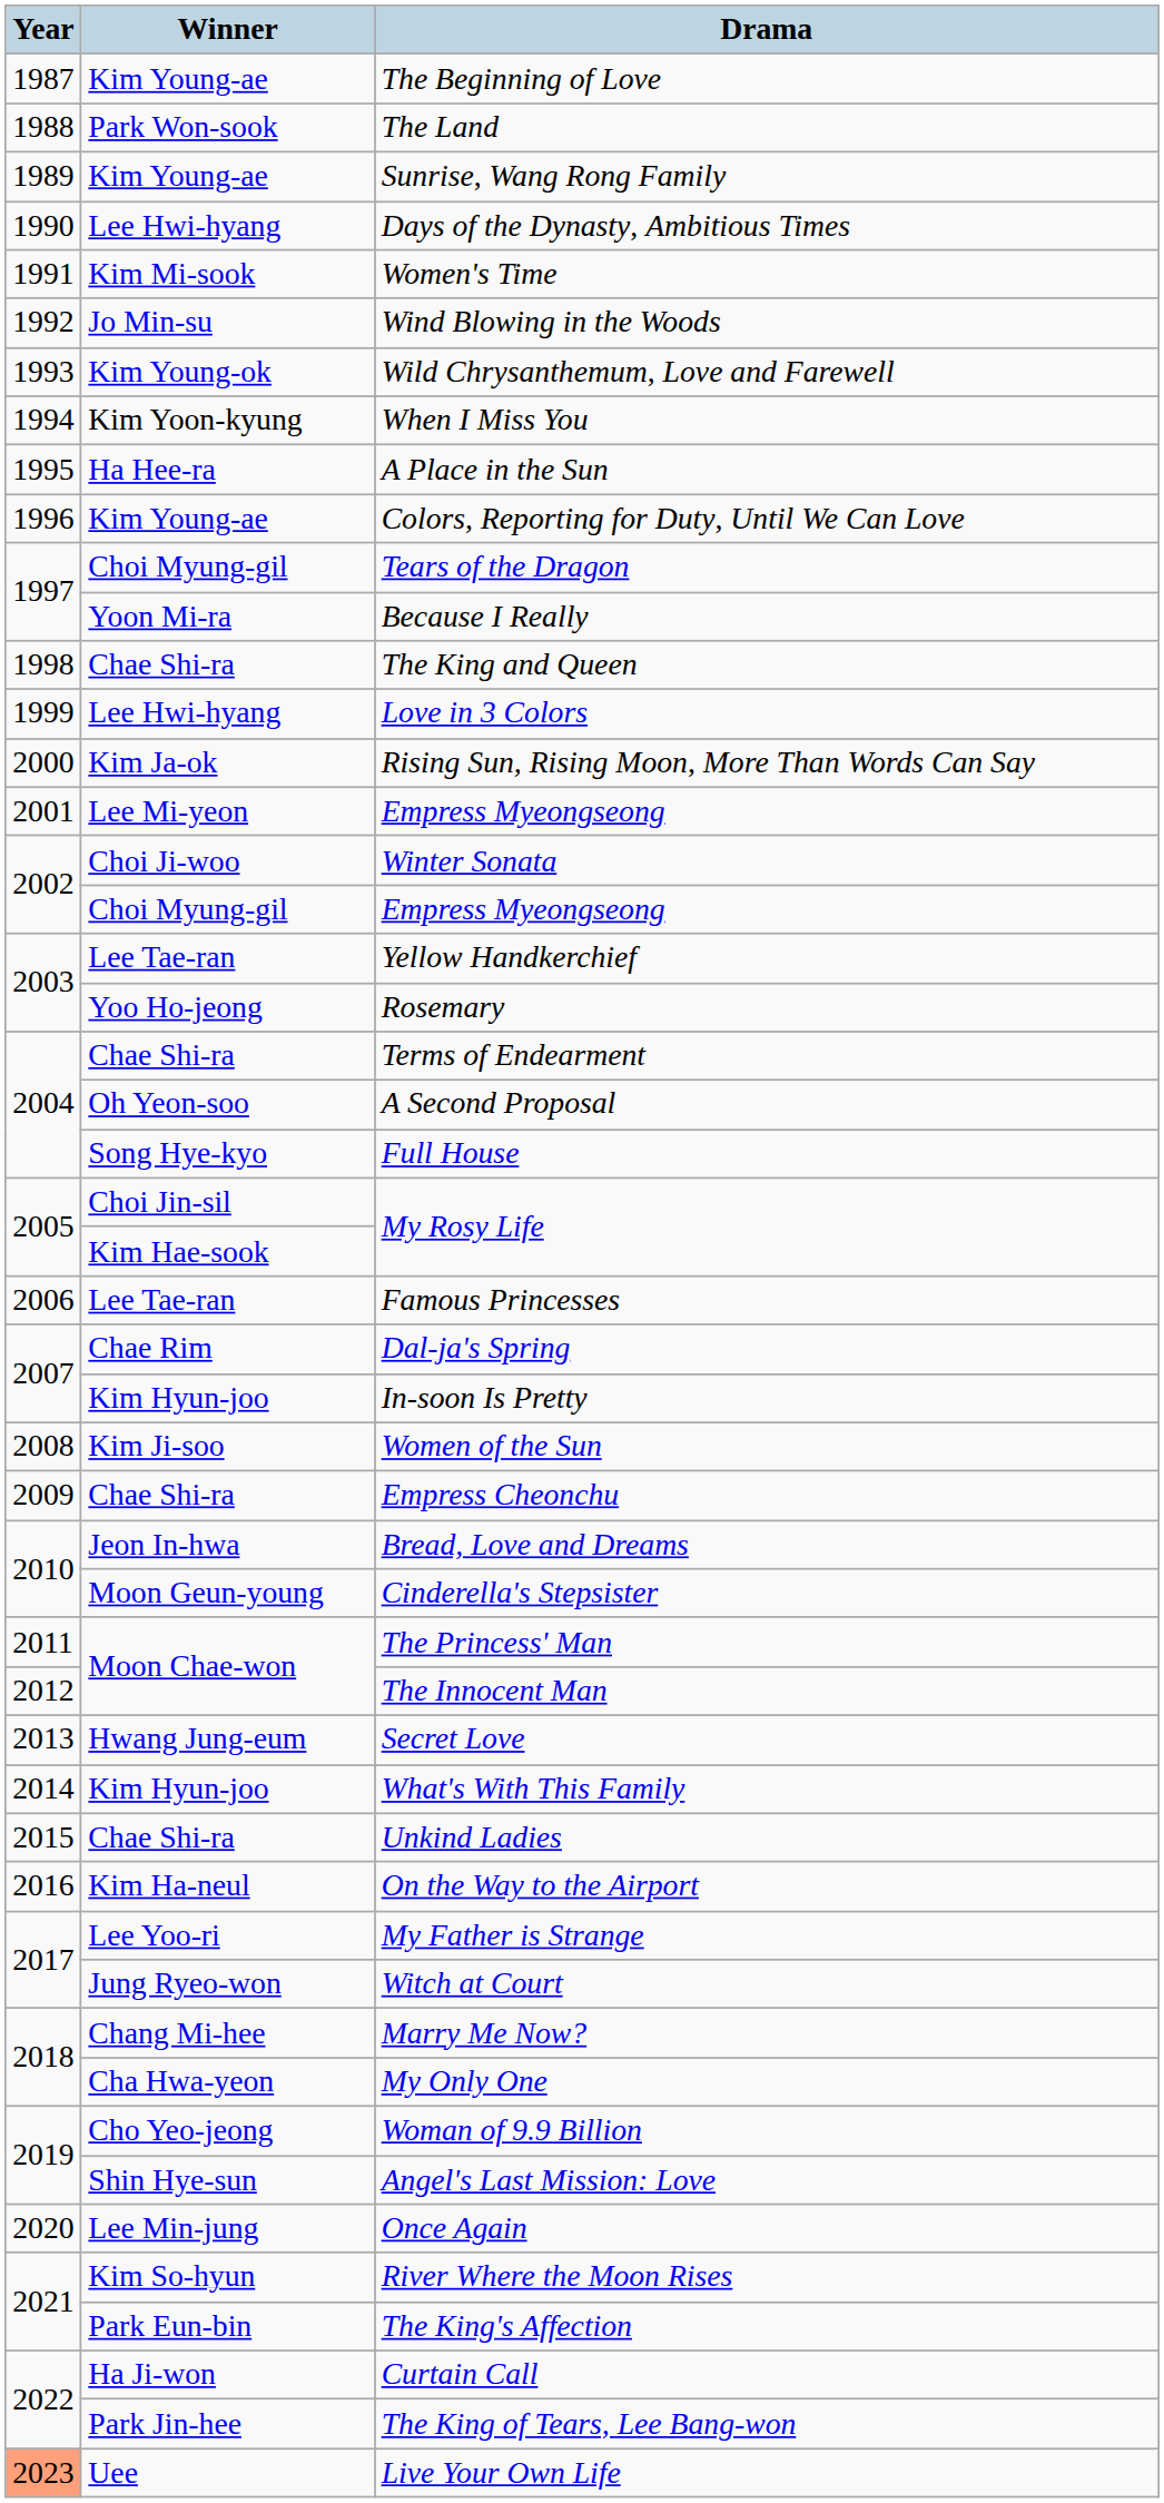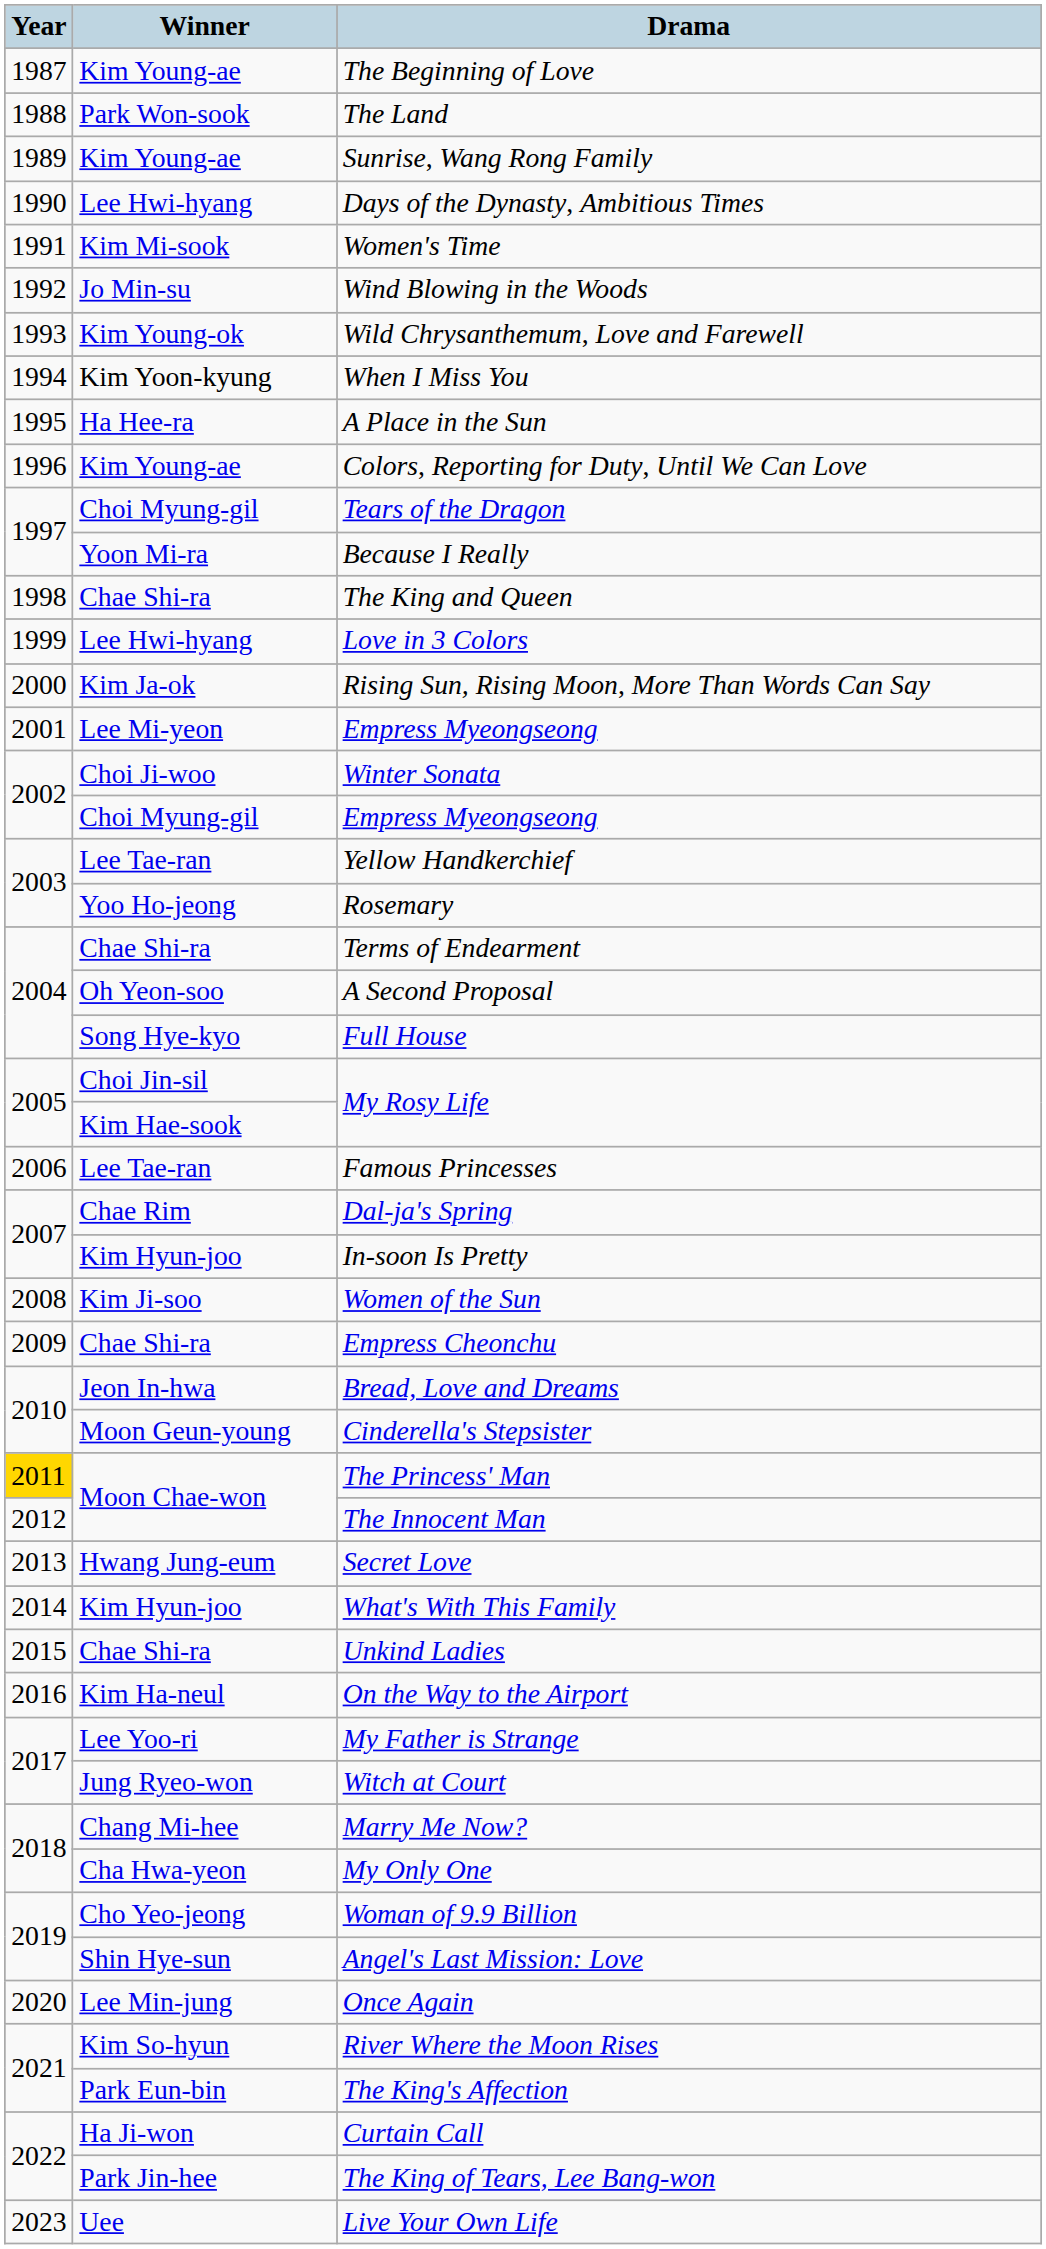 <table class="wikitable" style="width:600px">
 <tr>
 <th style="background:#BED5E1;" width="30">Year</th>
 <th style="background:#BED5E1;">Winner</th>
 <th style="background:#BED5E1;">Drama</th>
 </tr>
 <tr>
 <td>1987</td>
 <td><a href='#'>Kim Young-ae</a></td>
 <td><em>The Beginning of Love</em></td>
 </tr>
 <tr>
 <td>1988</td>
 <td><a href='#'>Park Won-sook</a></td>
 <td><em>The Land</em></td>
 </tr>
 <tr>
 <td>1989</td>
 <td><a href='#'>Kim Young-ae</a></td>
 <td><em>Sunrise</em>, <em>Wang Rong Family</em></td>
 </tr>
 <tr>
 <td>1990</td>
 <td><a href='#'>Lee Hwi-hyang</a></td>
 <td><em>Days of the Dynasty</em>, <em>Ambitious Times</em></td>
 </tr>
 <tr>
 <td>1991</td>
 <td><a href='#'>Kim Mi-sook</a></td>
 <td><em>Women's Time</em></td>
 </tr>
 <tr>
 <td>1992</td>
 <td><a href='#'>Jo Min-su</a></td>
 <td><em>Wind Blowing in the Woods</em></td>
 </tr>
 <tr>
 <td>1993</td>
 <td><a href='#'>Kim Young-ok</a></td>
 <td><em>Wild Chrysanthemum</em>, <em>Love and Farewell</em></td>
 </tr>
 <tr>
 <td>1994</td>
 <td>Kim Yoon-kyung</td>
 <td><em>When I Miss You</em></td>
 </tr>
 <tr>
 <td>1995</td>
 <td><a href='#'>Ha Hee-ra</a></td>
 <td><em>A Place in the Sun</em></td>
 </tr>
 <tr>
 <td>1996</td>
 <td><a href='#'>Kim Young-ae</a></td>
 <td><em>Colors</em>, <em>Reporting for Duty</em>, <em>Until We Can Love</em></td>
 </tr>
 <tr>
 <td rowspan="2">1997</td>
 <td><a href='#'>Choi Myung-gil</a></td>
 <td><em><a href='#'>Tears of the Dragon</a></em></td>
 </tr>
 <tr>
 <td><a href='#'>Yoon Mi-ra</a></td>
 <td><em>Because I Really</em></td>
 </tr>
 <tr>
 <td>1998</td>
 <td><a href='#'>Chae Shi-ra</a></td>
 <td><em>The King and Queen</em></td>
 </tr>
 <tr>
 <td>1999</td>
 <td><a href='#'>Lee Hwi-hyang</a></td>
 <td><em><a href='#'>Love in 3 Colors</a></em></td>
 </tr>
 <tr>
 <td>2000</td>
 <td><a href='#'>Kim Ja-ok</a></td>
 <td><em>Rising Sun, Rising Moon</em>, <em>More Than Words Can Say</em></td>
 </tr>
 <tr>
 <td>2001</td>
 <td><a href='#'>Lee Mi-yeon</a></td>
 <td><em><a href='#'>Empress Myeongseong</a></em></td>
 </tr>
 <tr>
 <td rowspan="2">2002</td>
 <td><a href='#'>Choi Ji-woo</a></td>
 <td><em><a href='#'>Winter Sonata</a></em></td>
 </tr>
 <tr>
 <td><a href='#'>Choi Myung-gil</a></td>
 <td><em><a href='#'>Empress Myeongseong</a></em></td>
 </tr>
 <tr>
 <td rowspan="2">2003</td>
 <td><a href='#'>Lee Tae-ran</a></td>
 <td><em>Yellow Handkerchief</em></td>
 </tr>
 <tr>
 <td><a href='#'>Yoo Ho-jeong</a></td>
 <td><em>Rosemary</em></td>
 </tr>
 <tr>
 <td rowspan="3">2004</td>
 <td><a href='#'>Chae Shi-ra</a></td>
 <td><em>Terms of Endearment</em></td>
 </tr>
 <tr>
 <td><a href='#'>Oh Yeon-soo</a></td>
 <td><em>A Second Proposal</em></td>
 </tr>
 <tr>
 <td><a href='#'>Song Hye-kyo</a></td>
 <td><em><a href='#'>Full House</a></em></td>
 </tr>
 <tr>
 <td rowspan="2">2005</td>
 <td><a href='#'>Choi Jin-sil</a></td>
 <td rowspan="2"><em><a href='#'>My Rosy Life</a></em></td>
 </tr>
 <tr>
 <td><a href='#'>Kim Hae-sook</a></td>
 </tr>
 <tr>
 <td>2006</td>
 <td><a href='#'>Lee Tae-ran</a></td>
 <td><em>Famous Princesses</em></td>
 </tr>
 <tr>
 <td rowspan="2">2007</td>
 <td><a href='#'>Chae Rim</a></td>
 <td><em><a href='#'>Dal-ja's Spring</a></em></td>
 </tr>
 <tr>
 <td><a href='#'>Kim Hyun-joo</a></td>
 <td><em>In-soon Is Pretty</em></td>
 </tr>
 <tr>
 <td>2008</td>
 <td><a href='#'>Kim Ji-soo</a></td>
 <td><em><a href='#'>Women of the Sun</a></em></td>
 </tr>
 <tr>
 <td>2009</td>
 <td><a href='#'>Chae Shi-ra</a></td>
 <td><em><a href='#'>Empress Cheonchu</a></em></td>
 </tr>
 <tr>
 <td rowspan="2">2010</td>
 <td><a href='#'>Jeon In-hwa</a></td>
 <td><em><a href='#'>Bread, Love and Dreams</a></em></td>
 </tr>
 <tr>
 <td><a href='#'>Moon Geun-young</a></td>
 <td><em><a href='#'>Cinderella's Stepsister</a></em></td>
 </tr>
 <tr>
-<td>2011</td>
+<td style="background: gold;">2011</td>
 <td rowspan="2"><a href='#'>Moon Chae-won</a></td>
 <td><em><a href='#'>The Princess' Man</a></em></td>
 </tr>
 <tr>
 <td>2012</td>
 <td><em><a href='#'>The Innocent Man</a></em></td>
 </tr>
 <tr>
 <td>2013</td>
 <td><a href='#'>Hwang Jung-eum</a></td>
 <td><em><a href='#'>Secret Love</a></em></td>
 </tr>
 <tr>
 <td>2014</td>
 <td><a href='#'>Kim Hyun-joo</a></td>
 <td><em><a href='#'>What's With This Family</a></em></td>
 </tr>
 <tr>
 <td>2015</td>
 <td><a href='#'>Chae Shi-ra</a></td>
 <td><em><a href='#'>Unkind Ladies</a></em></td>
 </tr>
 <tr>
 <td>2016</td>
 <td><a href='#'>Kim Ha-neul</a></td>
 <td><em><a href='#'>On the Way to the Airport</a></em></td>
 </tr>
 <tr>
 <td rowspan="2">2017</td>
 <td><a href='#'>Lee Yoo-ri</a></td>
 <td><em><a href='#'>My Father is Strange</a></em></td>
 </tr>
 <tr>
 <td><a href='#'>Jung Ryeo-won</a></td>
 <td><em><a href='#'>Witch at Court</a></em></td>
 </tr>
 <tr>
 <td rowspan="2">2018</td>
 <td><a href='#'>Chang Mi-hee</a></td>
 <td><em><a href='#'>Marry Me Now?</a></em></td>
 </tr>
 <tr>
 <td><a href='#'>Cha Hwa-yeon</a></td>
 <td><em><a href='#'>My Only One</a></em></td>
 </tr>
 <tr>
 <td rowspan="2">2019</td>
 <td><a href='#'>Cho Yeo-jeong</a></td>
 <td><em><a href='#'>Woman of 9.9 Billion</a></em></td>
 </tr>
 <tr>
 <td><a href='#'>Shin Hye-sun</a></td>
 <td><em><a href='#'>Angel's Last Mission: Love</a></em></td>
 </tr>
 <tr>
 <td>2020</td>
 <td><a href='#'>Lee Min-jung</a></td>
 <td><em><a href='#'>Once Again</a></em></td>
 </tr>
 <tr>
 <td rowspan="2">2021</td>
 <td><a href='#'>Kim So-hyun</a></td>
 <td><em><a href='#'>River Where the Moon Rises</a></em></td>
 </tr>
 <tr>
 <td><a href='#'>Park Eun-bin</a></td>
 <td><em><a href='#'>The King's Affection</a></em></td>
 </tr>
 <tr>
 <td rowspan="2">2022</td>
 <td><a href='#'>Ha Ji-won</a></td>
 <td><em><a href='#'>Curtain Call</a></em></td>
 </tr>
 <tr>
 <td><a href='#'>Park Jin-hee</a></td>
 <td><em><a href='#'>The King of Tears, Lee Bang-won</a></em></td>
 </tr>
 <tr>
-<td style="background: lightsalmon;">2023</td>
+<td>2023</td>
 <td><a href='#'>Uee</a></td>
 <td><em><a href='#'>Live Your Own Life</a></em></td>
 </tr>
 </table>
